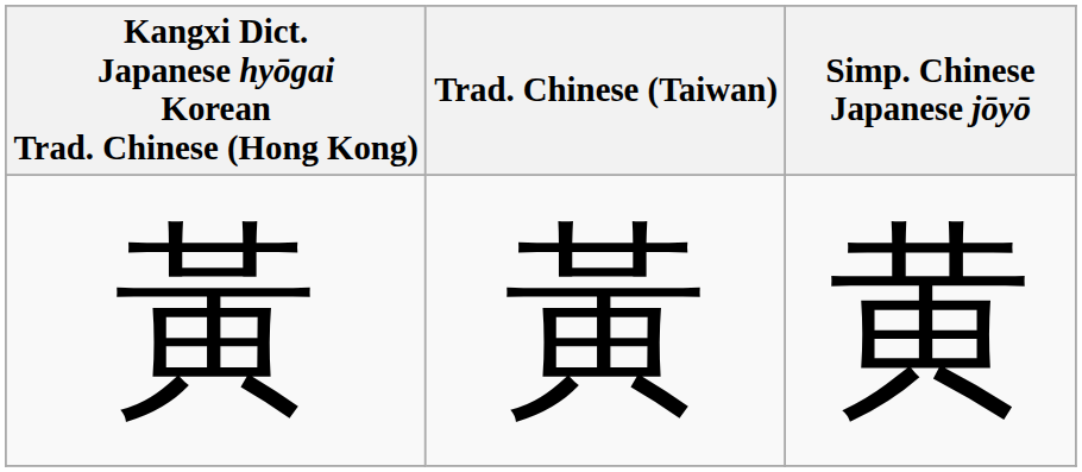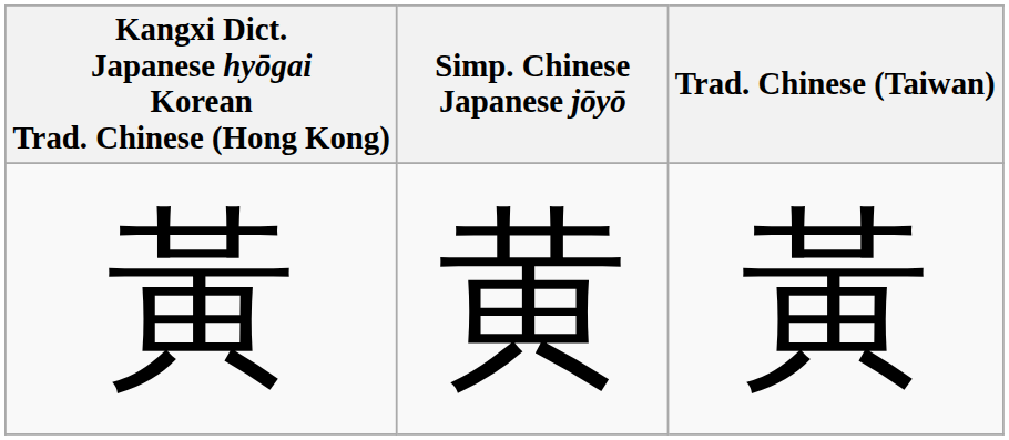 <table class="wikitable" style="text-align: center;">
 <tr>
 <th>Kangxi Dict.<br>Japanese <em>hyōgai</em><br>Korean<br>Trad. Chinese (Hong Kong)</th>
+<th>Simp. Chinese<br>Japanese <em>jōyō</em></th>
 <th>Trad. Chinese (Taiwan)</th>
-<th>Simp. Chinese<br>Japanese <em>jōyō</em></th>
 </tr>
 <tr style="font-size:6em;font-family:serif;line-height:100%;">
 <td lang="ko">黃</td>
+<td lang="zh-Hans">黄</td>
 <td lang="zh-tw">黃</td>
-<td lang="zh-Hans">黄</td>
 </tr>
 </table>
